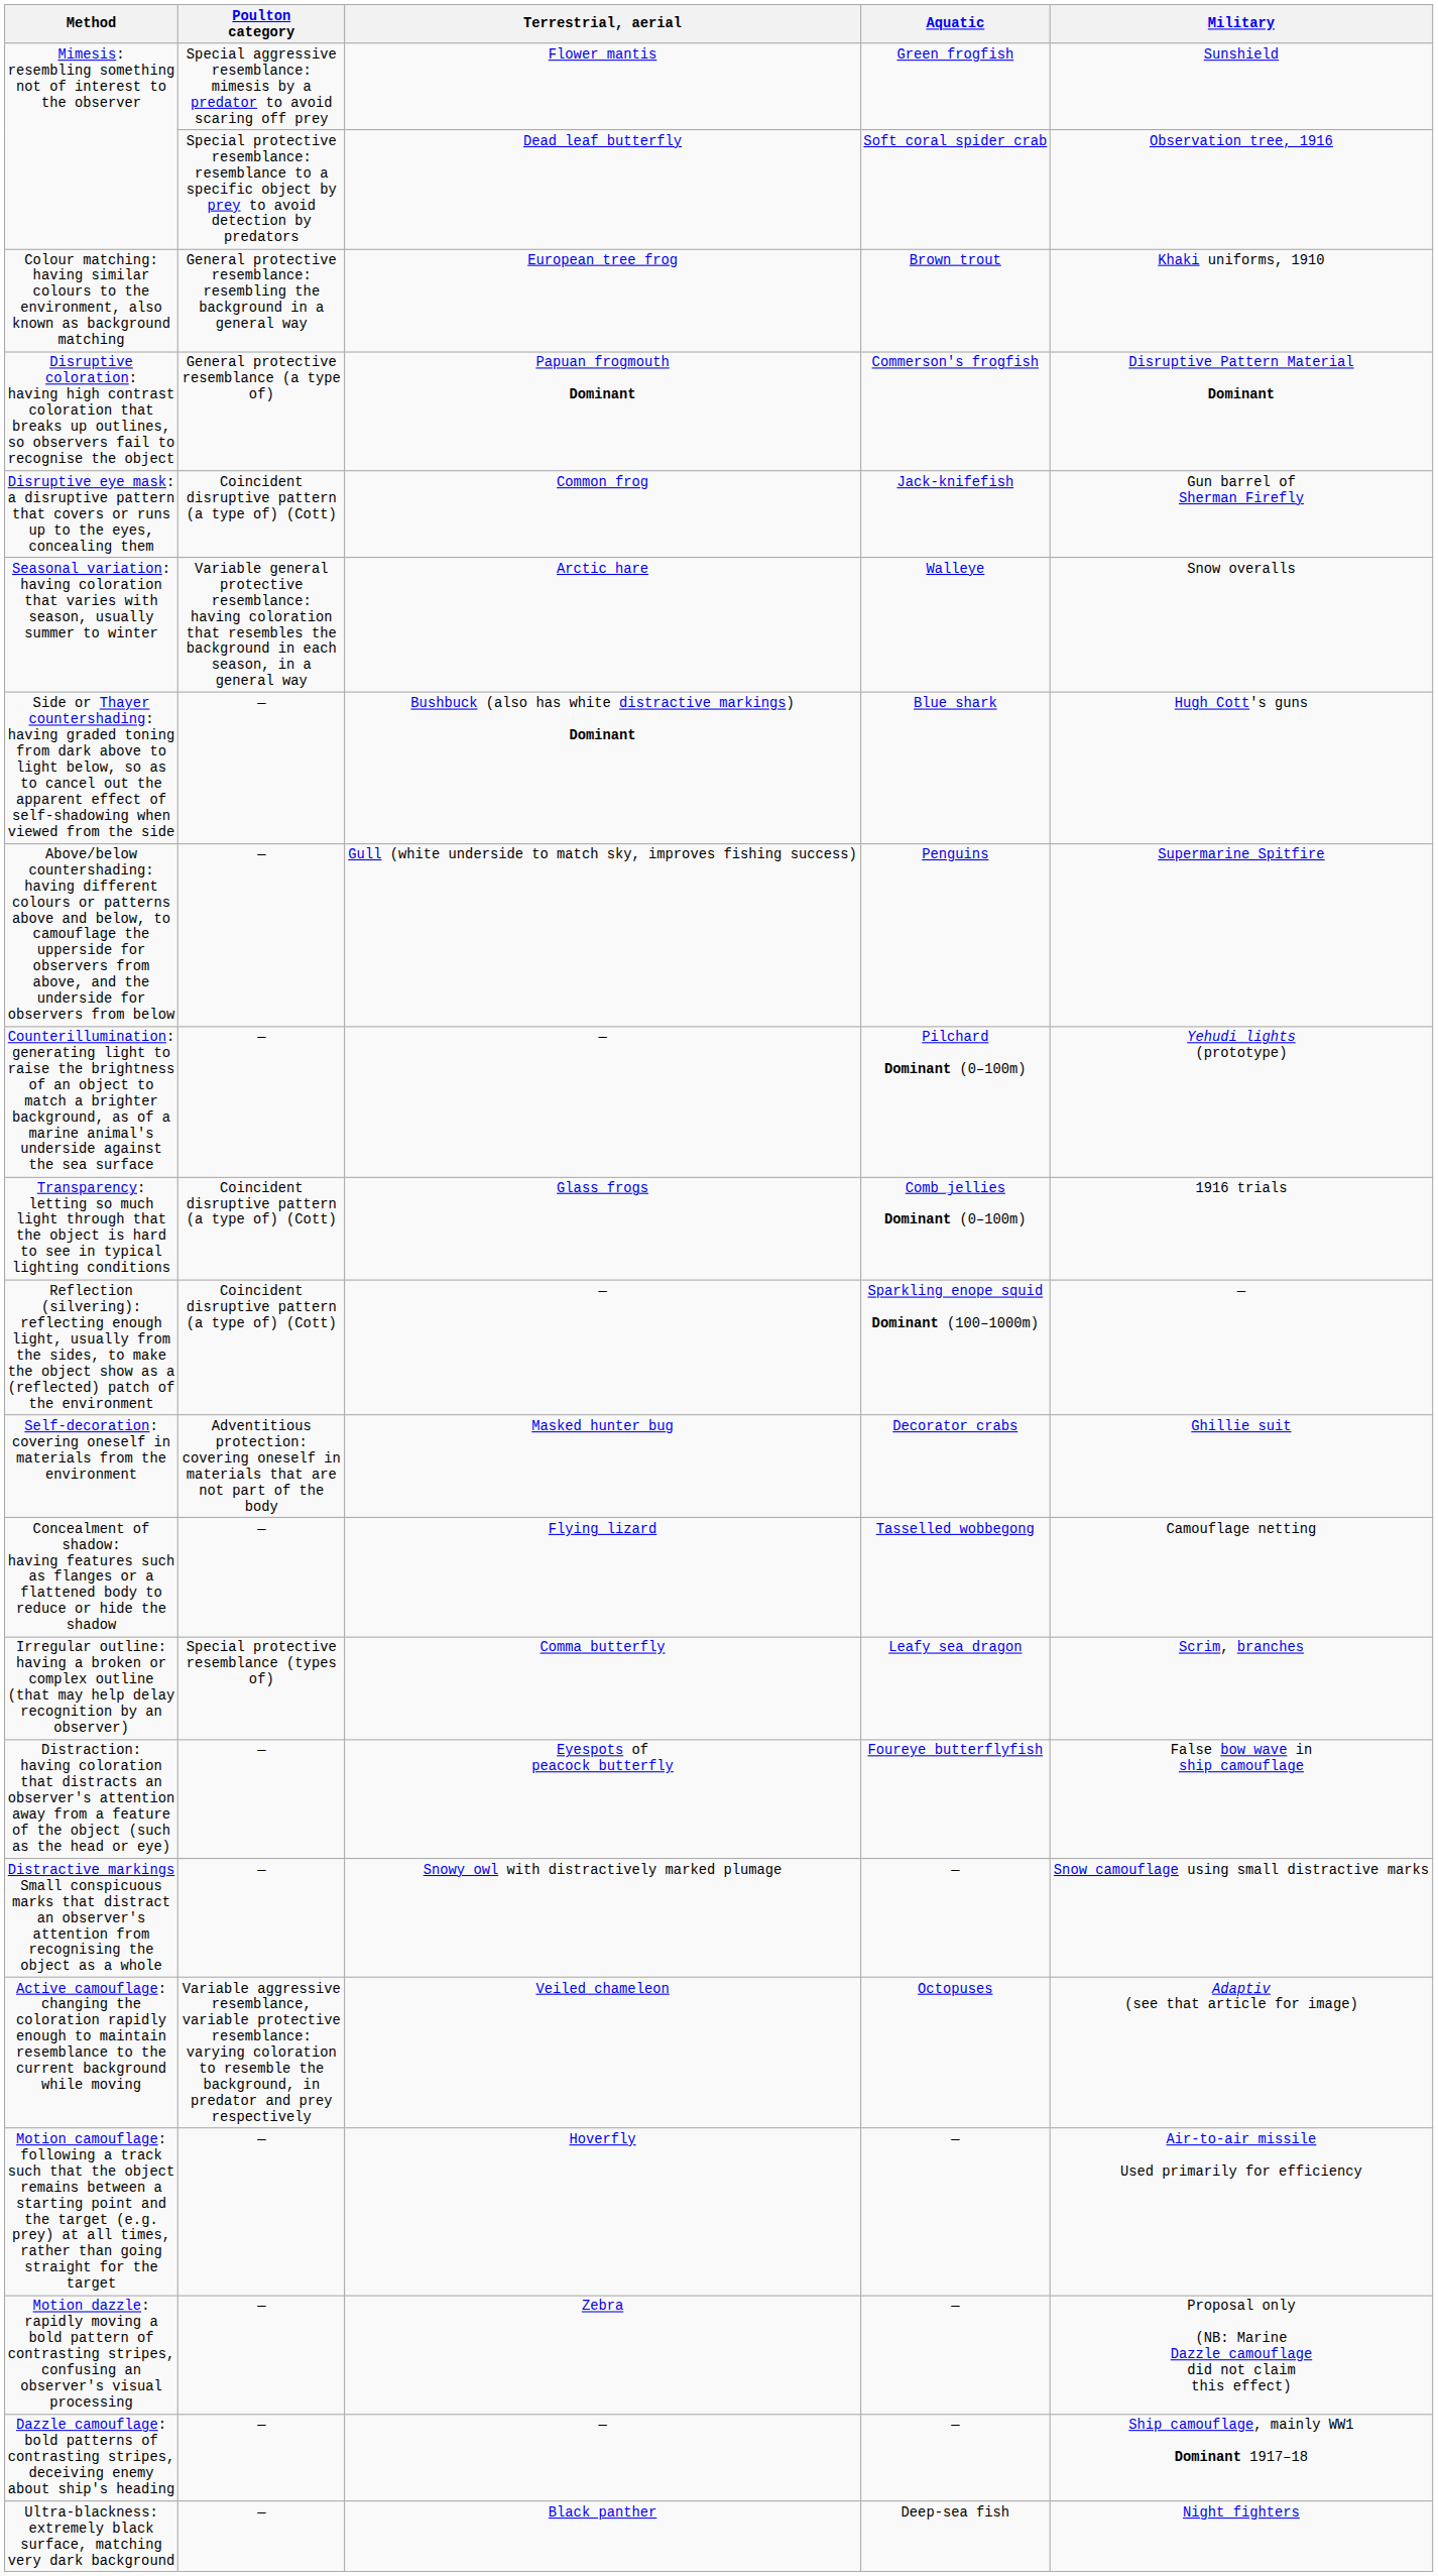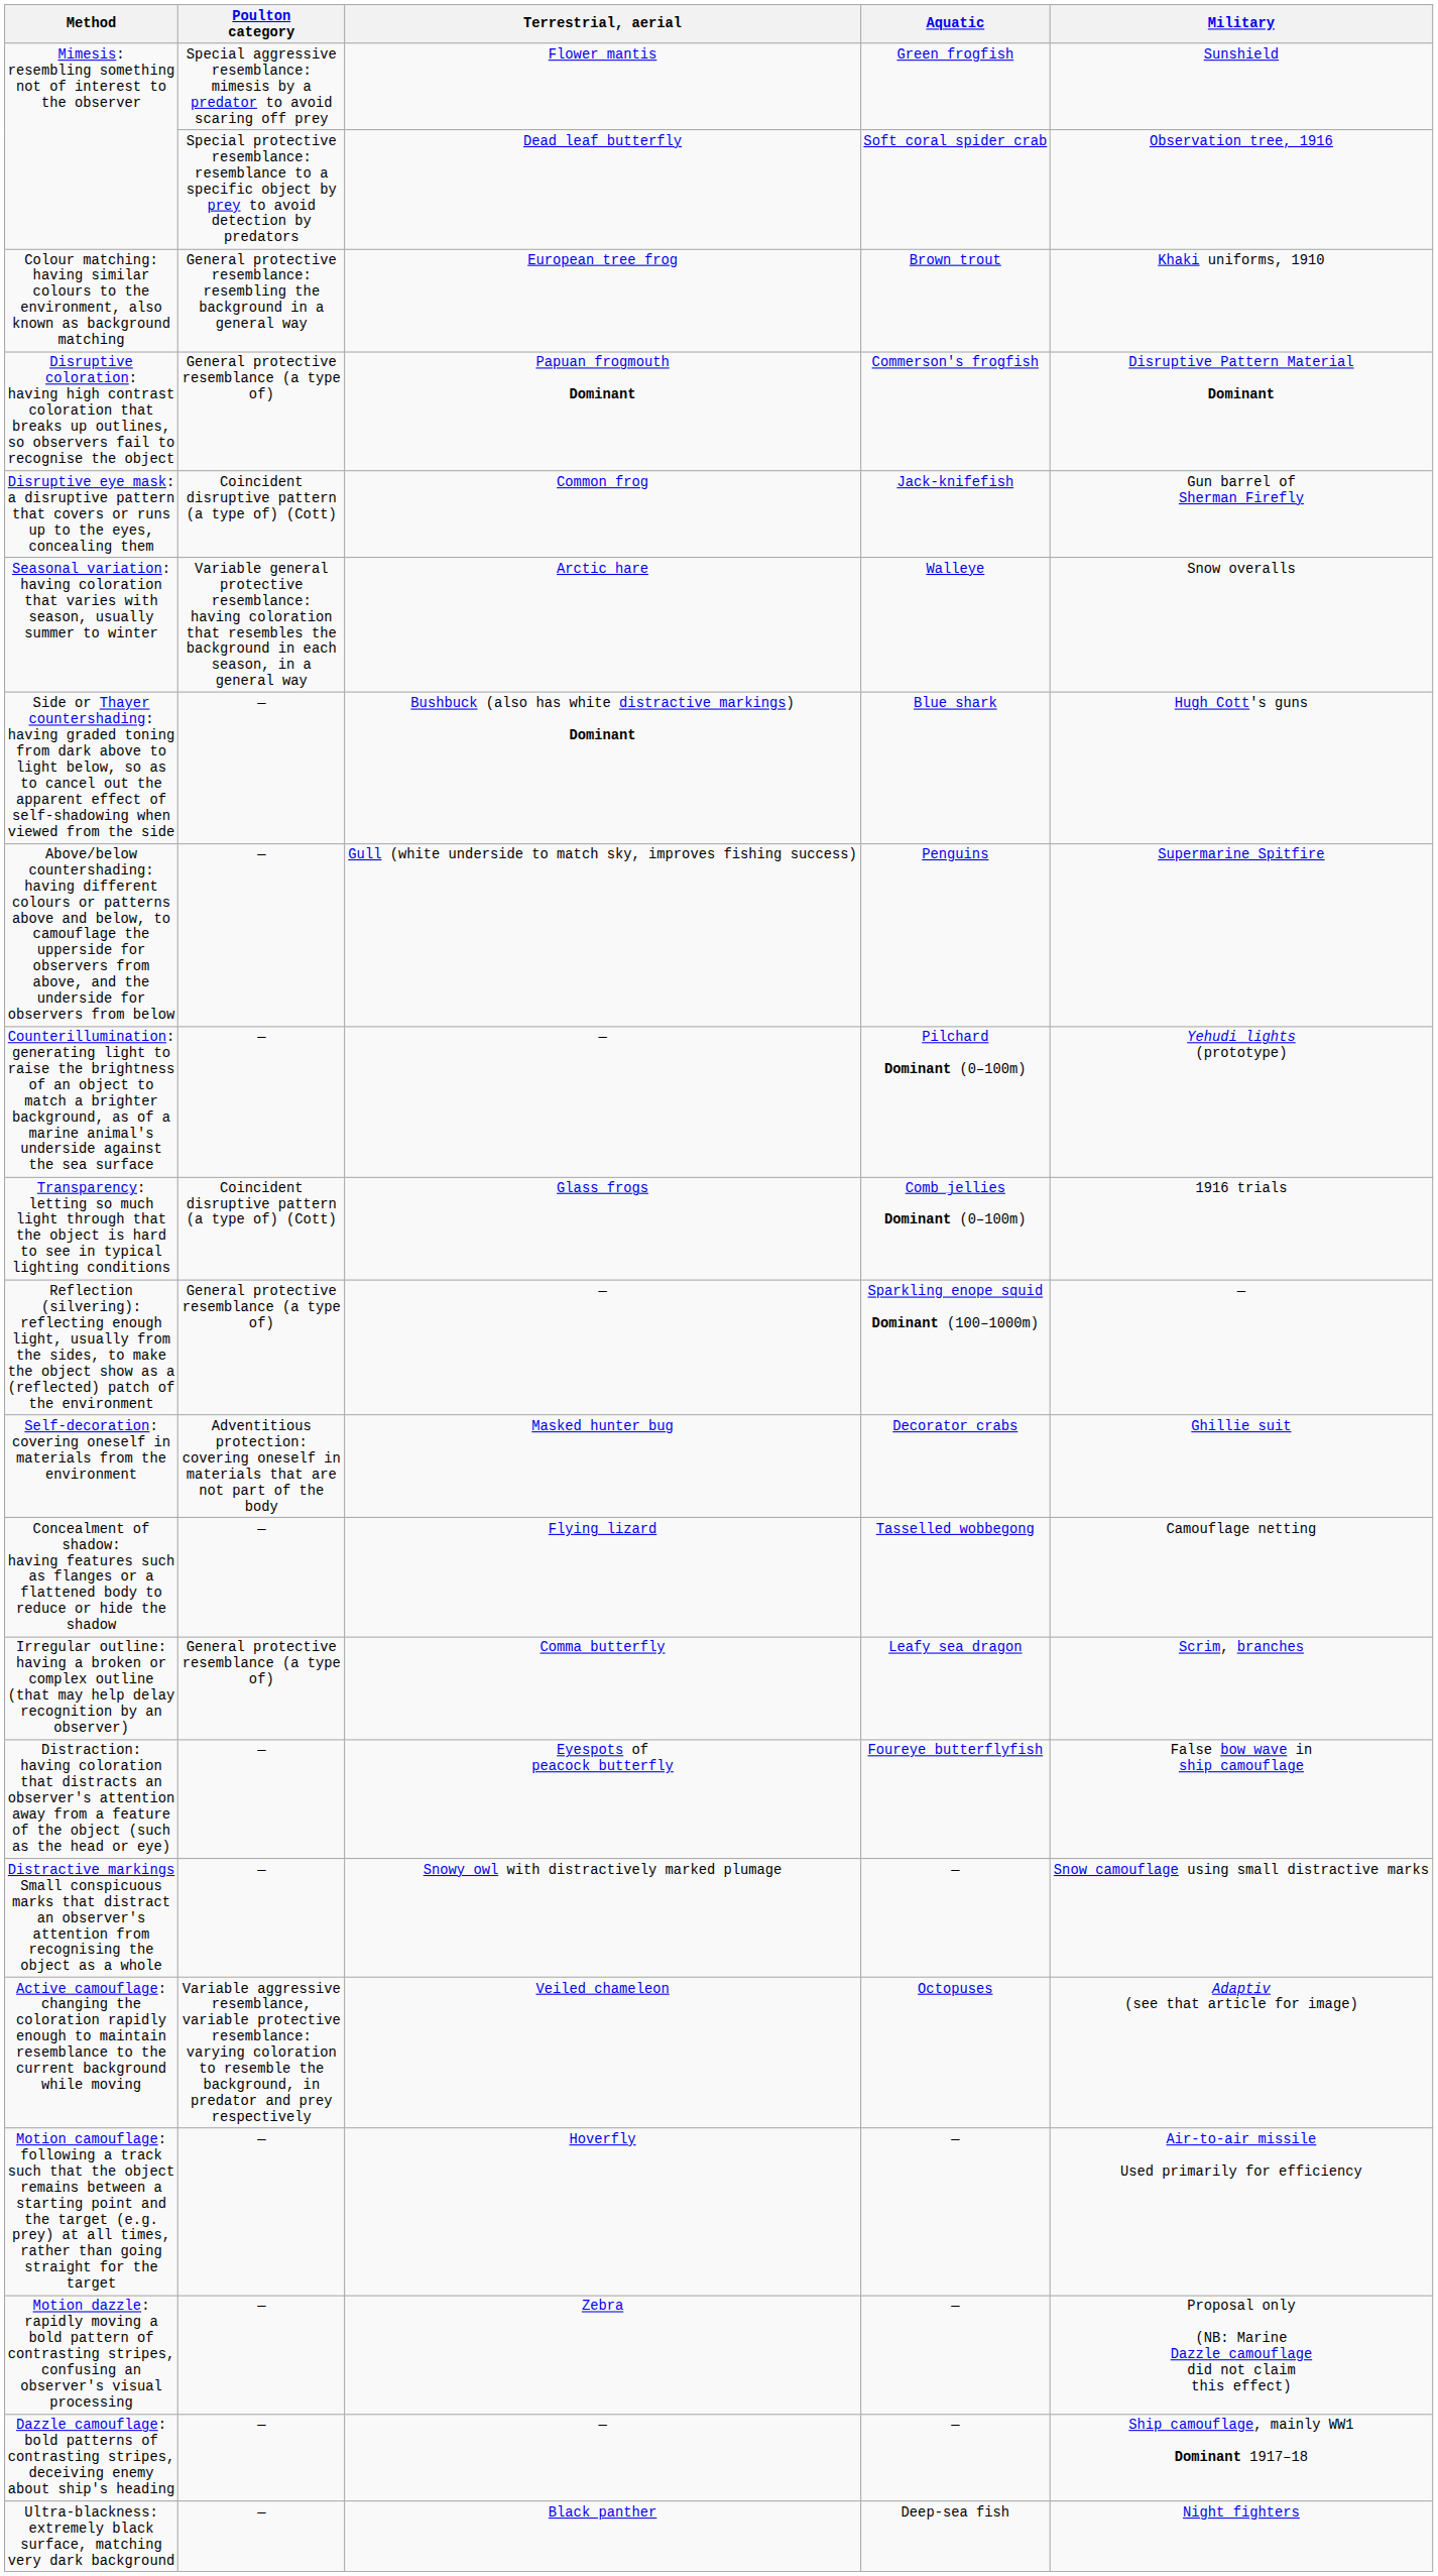 <table class="sortable wikitable" border="1">
 <tr>
 <th scope=col width=150px>Method</th>
 <th scope=col width=150px><a href='#'>Poulton</a><br>category</th>
 <th scope=col>Terrestrial, aerial</th>
 <th scope=col><a href='#'>Aquatic</a></th>
 <th scope=col><a href='#'>Military</a></th>
 </tr>
 <tr valign="top" align="center">
 <td rowspan=2><a href='#'>Mimesis</a>:<br>resembling something not of interest to the observer</td>
 <td>Special aggressive resemblance:<br>mimesis by a <a href='#'>predator</a> to avoid scaring off prey</td>
 <td><a href='#'>Flower mantis</a><br></td>
 <td><a href='#'>Green frogfish</a><br></td>
 <td><a href='#'>Sunshield</a><br></td>
 </tr>
 <tr valign="top" align="center">
 <td>Special protective resemblance:<br>resemblance to a specific object by <a href='#'>prey</a> to avoid detection by predators</td>
 <td><a href='#'>Dead leaf butterfly</a><br></td>
 <td><a href='#'>Soft coral spider crab</a><br></td>
 <td><a href='#'>Observation tree, 1916</a> <br></td>
 </tr>
 <tr valign="top" align="center">
 <td>Colour matching:<br>having similar colours to the environment, also known as background matching</td>
 <td>General protective resemblance:<br>resembling the background in a general way</td>
 <td><a href='#'>European tree frog</a><br></td>
 <td><a href='#'>Brown trout</a><br></td>
 <td><a href='#'>Khaki</a> uniforms, 1910<br></td>
 </tr>
 <tr valign="top" align="center">
 <td><a href='#'>Disruptive coloration</a>:<br>having high contrast coloration that breaks up outlines, so observers fail to recognise the object</td>
 <td>General protective resemblance (a type of)</td>
 <td><a href='#'>Papuan frogmouth</a><br><br><strong>Dominant</strong></td>
 <td><a href='#'>Commerson's frogfish</a><br></td>
 <td><a href='#'>Disruptive Pattern Material</a><br><br><strong>Dominant</strong></td>
 </tr>
 <tr valign="top" align="center">
 <td><a href='#'>Disruptive eye mask</a>:<br>a disruptive pattern that covers or runs up to the eyes, concealing them</td>
 <td>Coincident disruptive pattern (a type of) (Cott)</td>
 <td><a href='#'>Common frog</a><br></td>
 <td><a href='#'>Jack-knifefish</a><br></td>
 <td>Gun barrel of<br><a href='#'>Sherman Firefly</a><br></td>
 </tr>
 <tr valign="top" align="center">
 <td><a href='#'>Seasonal variation</a>:<br>having coloration that varies with season, usually summer to winter</td>
 <td>Variable general protective resemblance:<br>having coloration that resembles the background in each season, in a general way</td>
 <td><a href='#'>Arctic hare</a><br></td>
 <td><a href='#'>Walleye</a></td>
 <td>Snow overalls<br></td>
 </tr>
 <tr valign="top" align="center">
 <td>Side or <a href='#'>Thayer</a> <a href='#'>countershading</a>:<br>having graded toning from dark above to light below, so as to cancel out the apparent effect of self-shadowing when viewed from the side</td>
 <td>—</td>
 <td><a href='#'>Bushbuck</a> (also has white <a href='#'>distractive markings</a>)<br><br><strong>Dominant</strong><br></td>
 <td><a href='#'>Blue shark</a><br></td>
 <td><a href='#'>Hugh Cott</a>'s guns<br></td>
 </tr>
 <tr valign="top" align="center">
 <td>Above/below countershading:<br>having different colours or patterns above and below, to camouflage the upperside for observers from above, and the underside for observers from below</td>
 <td>—</td>
 <td><a href='#'>Gull</a> (white underside to match sky, improves fishing success)<br></td>
 <td><a href='#'>Penguins</a><br></td>
 <td><a href='#'>Supermarine Spitfire</a><br></td>
 </tr>
 <tr valign="top" align="center">
 <td><a href='#'>Counterillumination</a>:<br>generating light to raise the brightness of an object to match a brighter background, as of a marine animal's underside against the sea surface</td>
 <td>—</td>
 <td>—</td>
 <td><a href='#'>Pilchard</a><br><br><strong>Dominant</strong> (0–100m)</td>
 <td><em><a href='#'>Yehudi lights</a></em><br>(prototype)<br></td>
 </tr>
 <tr valign="top" align="center">
 <td><a href='#'>Transparency</a>:<br>letting so much light through that the object is hard to see in typical lighting conditions</td>
 <td>Coincident disruptive pattern (a type of) (Cott)</td>
 <td><a href='#'>Glass frogs</a><br></td>
 <td><a href='#'>Comb jellies</a><br><br><strong>Dominant</strong> (0–100m)</td>
 <td>1916 trials<br></td>
 </tr>
 <tr valign="top" align="center">
 <td>Reflection (silvering):<br>reflecting enough light, usually from the sides, to make the object show as a (reflected) patch of the environment</td>
-<td>Coincident disruptive pattern (a type of) (Cott)</td>
+<td>General protective resemblance (a type of)</td>
 <td>—</td>
 <td><a href='#'>Sparkling enope squid</a><br><br><strong>Dominant</strong> (100–1000m)<br> </td>
 <td>—</td>
 </tr>
 <tr valign="top" align="center">
 <td><a href='#'>Self-decoration</a>:<br>covering oneself in materials from the environment</td>
 <td>Adventitious protection:<br>covering oneself in materials that are not part of the body</td>
 <td><a href='#'>Masked hunter bug</a><br></td>
 <td><a href='#'>Decorator crabs</a><br><br></td>
 <td><a href='#'>Ghillie suit</a><br></td>
 </tr>
 <tr valign="top" align="center">
 <td>Concealment of shadow:<br>having features such as flanges or a flattened body to reduce or hide the shadow</td>
 <td>—</td>
 <td><a href='#'>Flying lizard</a><br></td>
 <td><a href='#'>Tasselled wobbegong</a><br></td>
 <td>Camouflage netting<br></td>
 </tr>
 <tr valign="top" align="center">
 <td>Irregular outline:<br>having a broken or complex outline (that may help delay recognition by an observer)</td>
-<td>Special protective resemblance (types of)</td>
+<td>General protective resemblance (a type of)</td>
 <td><a href='#'>Comma butterfly</a><br></td>
 <td><a href='#'>Leafy sea dragon</a><br></td>
 <td><a href='#'>Scrim</a>, <a href='#'>branches</a><br></td>
 </tr>
 <tr valign="top" align="center">
 <td>Distraction:<br>having coloration that distracts an observer's attention away from a feature of the object (such as the head or eye)</td>
 <td>—</td>
 <td><a href='#'>Eyespots</a> of<br><a href='#'>peacock butterfly</a><br></td>
 <td><a href='#'>Foureye butterflyfish</a><br></td>
 <td>False <a href='#'>bow wave</a> in<br><a href='#'>ship camouflage</a><br></td>
 </tr>
 <tr valign="top" align="center">
 <td><a href='#'>Distractive markings</a><br>Small conspicuous marks that distract an observer's attention from recognising the object as a whole</td>
 <td>—</td>
 <td><a href='#'>Snowy owl</a> with distractively marked plumage<br></td>
 <td>—</td>
 <td><a href='#'>Snow camouflage</a> using small distractive marks</td>
 </tr>
 <tr valign="top" align="center">
 <td><a href='#'>Active camouflage</a>:<br>changing the coloration rapidly enough to maintain resemblance to the current background while moving</td>
 <td>Variable aggressive resemblance, variable protective resemblance:<br>varying coloration to resemble the background, in predator and prey respectively</td>
 <td><a href='#'>Veiled chameleon</a><br></td>
 <td><a href='#'>Octopuses</a><br></td>
 <td><em><a href='#'>Adaptiv</a></em><br>(see that article for image)</td>
 </tr>
 <tr valign="top" align="center">
 <td><a href='#'>Motion camouflage</a>:<br>following a track such that the object remains between a starting point and the target (e.g. prey) at all times, rather than going straight for the target</td>
 <td>—</td>
 <td><a href='#'>Hoverfly</a><br></td>
 <td>—</td>
 <td><a href='#'>Air-to-air missile</a><br><br>Used primarily for efficiency</td>
 </tr>
 <tr valign="top" align="center">
 <td><a href='#'>Motion dazzle</a>:<br>rapidly moving a bold pattern of contrasting stripes, confusing an observer's visual processing</td>
 <td>—</td>
 <td><a href='#'>Zebra</a><br></td>
 <td>—</td>
 <td>Proposal only<br><br>(NB: Marine<br><a href='#'>Dazzle camouflage</a><br>did not claim<br>this effect)</td>
 </tr>
 <tr valign="top" align="center">
 <td><a href='#'>Dazzle camouflage</a>:<br>bold patterns of contrasting stripes, deceiving enemy about ship's heading</td>
 <td>—</td>
 <td>—</td>
 <td>—</td>
 <td><a href='#'>Ship camouflage</a>, mainly WW1<br><br><strong>Dominant</strong> 1917–18</td>
 </tr>
 <tr valign="top" align="center">
 <td>Ultra-blackness:<br>extremely black surface, matching very dark background</td>
 <td>—</td>
 <td><a href='#'>Black panther</a></td>
 <td>Deep-sea fish<br></td>
 <td><a href='#'>Night fighters</a> <br></td>
 </tr>
 </table>
